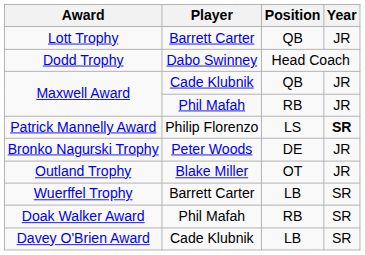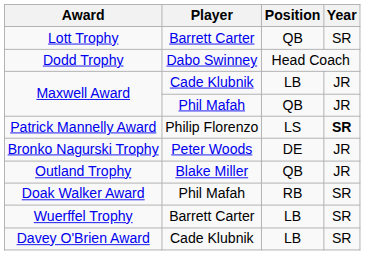 <table class="wikitable" style="text-align:center;">
 <tr>
 <th>Award</th>
 <th>Player</th>
 <th>Position</th>
 <th>Year</th>
 </tr>
 <tr>
 <td><a href='#'>Lott Trophy</a></td>
 <td><a href='#'>Barrett Carter</a></td>
 <td>QB</td>
-<td>JR</td>
+<td>SR</td>
 </tr>
 <tr>
 <td><a href='#'>Dodd Trophy</a></td>
 <td><a href='#'>Dabo Swinney</a></td>
 <td colspan=2>Head Coach</td>
 </tr>
 <tr>
 <td rowspan=2><a href='#'>Maxwell Award</a></td>
 <td><a href='#'>Cade Klubnik</a></td>
-<td>QB</td>
+<td>LB</td>
 <td>JR</td>
 </tr>
 <tr>
 <td><a href='#'>Phil Mafah</a></td>
-<td>RB</td>
+<td>QB</td>
 <td>JR</td>
 </tr>
 <tr>
 <td><a href='#'>Patrick Mannelly Award</a></td>
 <td>Philip Florenzo</td>
 <td>LS</td>
 <td><strong>SR</strong></td>
 </tr>
 <tr>
 <td><a href='#'>Bronko Nagurski Trophy</a></td>
 <td><a href='#'>Peter Woods</a></td>
 <td>DE</td>
 <td>JR</td>
 </tr>
 <tr>
 <td><a href='#'>Outland Trophy</a></td>
 <td><a href='#'>Blake Miller</a></td>
-<td>OT</td>
+<td>QB</td>
 <td>JR</td>
+</tr>
+<tr>
+<td><a href='#'>Doak Walker Award</a></td>
+<td>Phil Mafah</td>
+<td>RB</td>
+<td>SR</td>
 </tr>
 <tr>
 <td><a href='#'>Wuerffel Trophy</a></td>
 <td>Barrett Carter</td>
 <td>LB</td>
-<td>SR</td>
-</tr>
-<tr>
-<td><a href='#'>Doak Walker Award</a></td>
-<td>Phil Mafah</td>
-<td>RB</td>
 <td>SR</td>
 </tr>
 <tr>
 <td><a href='#'>Davey O'Brien Award</a></td>
 <td>Cade Klubnik</td>
 <td>LB</td>
 <td>SR</td>
 </tr>
 </table>
